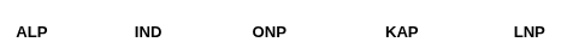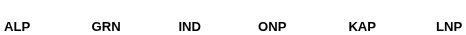 <table style="width:50%; text-align:center;">
 <tr style="color:white;">
 <td style="color:white; background:"><strong>52</strong></td>
+<td style="background:"><strong>2</strong></td>
 <td style="background:"><strong>1</strong></td>
 <td style="background:"><strong>1</strong></td>
 <td style="background:"><strong>3</strong></td>
 <td style="background:"><strong>34</strong></td>
 </tr>
 <tr>
 <td style="color:"><strong>ALP</strong></td>
+<td><span><strong>GRN</strong></span></td>
 <td style="color: black;"><strong>IND</strong></td>
 <td><span><strong>ONP</strong></span></td>
 <td style="color:"><strong>KAP</strong></td>
 <td><span><strong>LNP</strong></span></td>
 </tr>
 </table>
